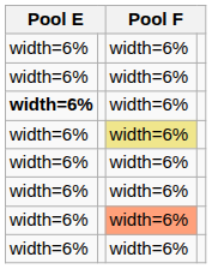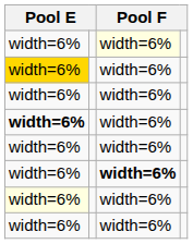 <table class="wikitable">
 <tr>
 <th width=50% colspan=2>Pool E</th>
 <th width=50% colspan=2>Pool F</th>
 </tr>
 <tr>
 <td>width=6% </td>
+<td></td>
+<td style="background: lightyellow;">width=6% </td>
+<td></td>
+</tr>
+<tr>
+<td style="background: gold;">width=6% </td>
 <td></td>
 <td>width=6% </td>
 <td></td>
 </tr>
 <tr>
 <td>width=6% </td>
 <td></td>
 <td>width=6% </td>
 <td></td>
 </tr>
 <tr>
 <td><strong>width=6% </strong></td>
 <td></td>
 <td>width=6% </td>
 <td></td>
 </tr>
 <tr>
 <td>width=6% </td>
 <td></td>
-<td style="background: khaki;">width=6% </td>
+<td>width=6% </td>
 <td></td>
 </tr>
 <tr>
 <td>width=6% </td>
+<td></td>
+<td><strong>width=6% </strong></td>
+<td></td>
+</tr>
+<tr>
+<td style="background: lightyellow;">width=6% </td>
 <td></td>
 <td>width=6% </td>
 <td></td>
 </tr>
 <tr>
 <td>width=6% </td>
 <td></td>
 <td>width=6% </td>
 <td></td>
 </tr>
-<tr>
-<td>width=6% </td>
-<td></td>
-<td style="background: lightsalmon;">width=6% </td>
-<td></td>
-</tr>
-<tr>
-<td>width=6% </td>
-<td></td>
-<td>width=6% </td>
-<td></td>
-</tr>
 </table>
